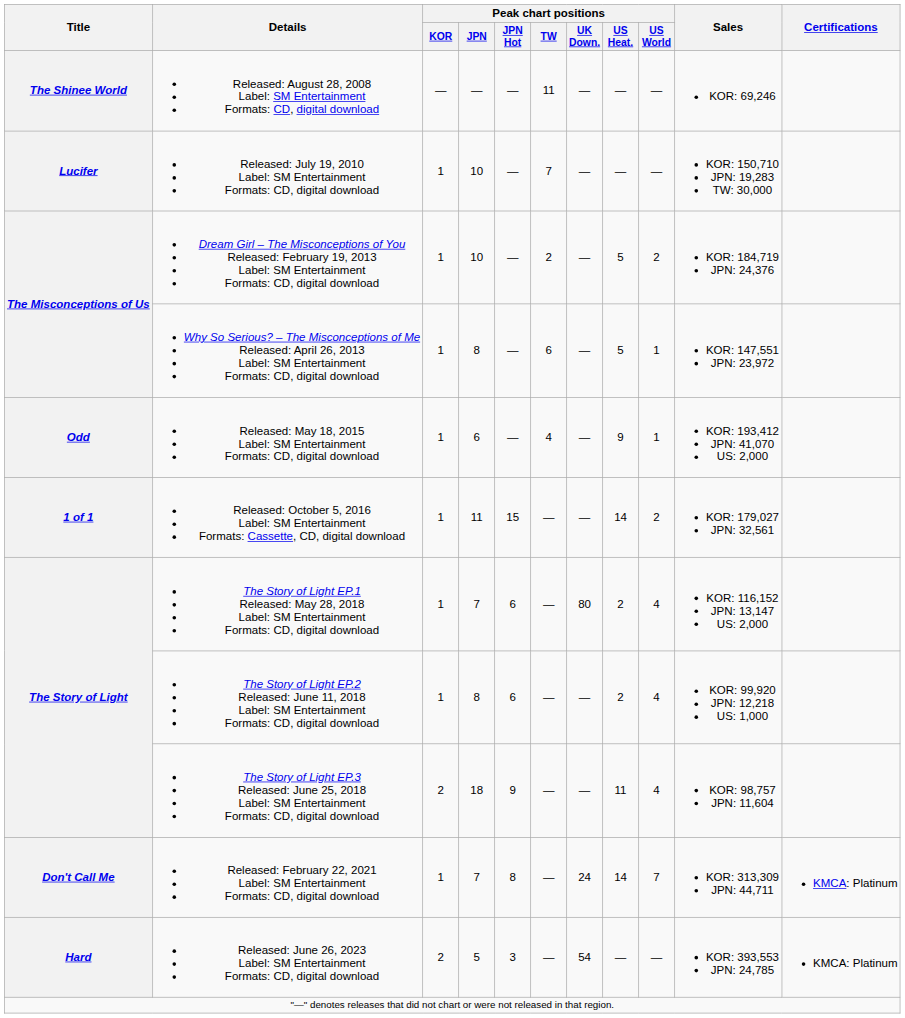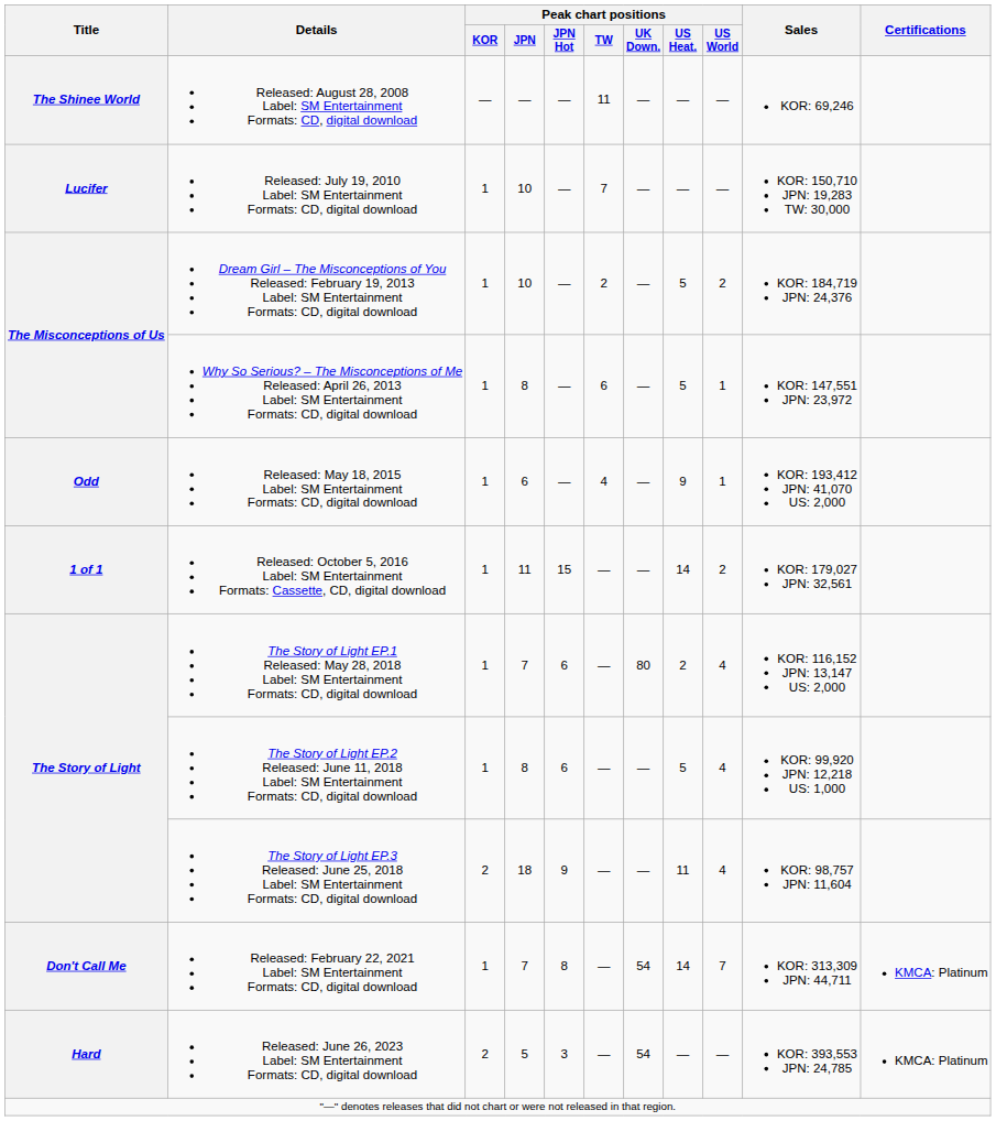 <table class="wikitable plainrowheaders" style="text-align:center;">
 <tr>
 <th scope="col" rowspan="2">Title</th>
 <th scope="col" rowspan="2">Details</th>
 <th scope="col" colspan="7">Peak chart positions</th>
 <th scope="col" rowspan="2">Sales</th>
 <th scope="col" rowspan="2"><a href='#'>Certifications</a></th>
 </tr>
 <tr>
 <th scope="col" style="width:3em;font-size:90%;"><a href='#'>KOR</a><br></th>
 <th scope="col" style="width:3em;font-size:90%;"><a href='#'>JPN</a><br></th>
 <th scope="col" style="width:3em;font-size:90%;"><a href='#'>JPN Hot</a><br></th>
 <th scope="col" style="width:3em;font-size:90%;"><a href='#'>TW</a><br></th>
 <th scope="col" style="width:3em;font-size:90%;"><a href='#'>UK Down.</a><br></th>
 <th scope="col" style="width:3em;font-size:90%;"><a href='#'>US<br>Heat.</a><br></th>
 <th scope="col" style="width:3em;font-size:90%;"><a href='#'>US<br>World</a><br></th>
 </tr>
 <tr>
 <th scope="row"><em><a href='#'>The Shinee World</a></em></th>
 <td><br><ul><li>Released: August 28, 2008</li><li>Label: <a href='#'>SM Entertainment</a></li><li>Formats: <a href='#'>CD</a>, <a href='#'>digital download</a></li></ul></td>
 <td>—</td>
 <td>—</td>
 <td>—</td>
 <td>11</td>
 <td>—</td>
 <td>—</td>
 <td>—</td>
 <td><br><ul><li>KOR: 69,246</li></ul></td>
 <td></td>
 </tr>
 <tr>
 <th scope="row"><em><a href='#'>Lucifer</a></em></th>
 <td><br><ul><li>Released: July 19, 2010</li><li>Label: SM Entertainment</li><li>Formats: CD, digital download</li></ul></td>
 <td>1</td>
 <td>10</td>
 <td>—</td>
 <td>7</td>
 <td>—</td>
 <td>—</td>
 <td>—</td>
 <td><br><ul><li>KOR: 150,710</li><li>JPN: 19,283</li><li>TW: 30,000</li></ul></td>
 <td></td>
 </tr>
 <tr>
 <th scope="row" rowspan="2"><em><a href='#'>The Misconceptions of Us</a></em></th>
 <td><br><ul><li><em><a href='#'>Dream Girl – The Misconceptions of You</a></em></li><li>Released: February 19, 2013</li><li>Label: SM Entertainment</li><li>Formats: CD, digital download</li></ul></td>
 <td>1</td>
 <td>10</td>
 <td>—</td>
 <td>2</td>
 <td>—</td>
 <td>5</td>
 <td>2</td>
 <td><br><ul><li>KOR: 184,719</li><li>JPN: 24,376</li></ul></td>
 <td></td>
 </tr>
 <tr>
 <td><br><ul><li><em><a href='#'>Why So Serious? – The Misconceptions of Me</a></em></li><li>Released: April 26, 2013</li><li>Label: SM Entertainment</li><li>Formats: CD, digital download</li></ul></td>
 <td>1</td>
 <td>8</td>
 <td>—</td>
 <td>6</td>
 <td>—</td>
 <td>5</td>
 <td>1</td>
 <td><br><ul><li>KOR: 147,551</li><li>JPN: 23,972</li></ul></td>
 <td></td>
 </tr>
 <tr>
 <th scope="row"><em><a href='#'>Odd</a></em></th>
 <td><br><ul><li>Released: May 18, 2015</li><li>Label: SM Entertainment</li><li>Formats: CD, digital download</li></ul></td>
 <td>1</td>
 <td>6</td>
 <td>—</td>
 <td>4</td>
 <td>—</td>
 <td>9</td>
 <td>1</td>
 <td><br><ul><li>KOR: 193,412</li><li>JPN: 41,070</li><li>US: 2,000</li></ul></td>
 <td></td>
 </tr>
 <tr>
 <th scope="row"><em><a href='#'>1 of 1</a></em></th>
 <td><br><ul><li>Released: October 5, 2016</li><li>Label: SM Entertainment</li><li>Formats: <a href='#'>Cassette</a>, CD, digital download</li></ul></td>
 <td>1</td>
 <td>11</td>
 <td>15</td>
 <td>—</td>
 <td>—</td>
 <td>14</td>
 <td>2</td>
 <td><br><ul><li>KOR: 179,027</li><li>JPN: 32,561</li></ul></td>
 <td></td>
 </tr>
 <tr>
 <th scope="row" rowspan="3"><em><a href='#'>The Story of Light</a></em></th>
 <td><br><ul><li><em><a href='#'>The Story of Light EP.1</a></em></li><li>Released: May 28, 2018</li><li>Label: SM Entertainment</li><li>Formats: CD, digital download</li></ul></td>
 <td>1</td>
 <td>7</td>
 <td>6</td>
 <td>—</td>
 <td>80</td>
 <td>2</td>
 <td>4</td>
 <td><br><ul><li>KOR: 116,152</li><li>JPN: 13,147</li><li>US: 2,000</li></ul></td>
 <td></td>
 </tr>
 <tr>
 <td><br><ul><li><em><a href='#'>The Story of Light EP.2</a></em></li><li>Released: June 11, 2018</li><li>Label: SM Entertainment</li><li>Formats: CD, digital download</li></ul></td>
 <td>1</td>
 <td>8</td>
 <td>6</td>
 <td>—</td>
 <td>—</td>
-<td>2</td>
+<td>5</td>
 <td>4</td>
 <td><br><ul><li>KOR: 99,920</li><li>JPN: 12,218</li><li>US: 1,000</li></ul></td>
 <td></td>
 </tr>
 <tr>
 <td><br><ul><li><em><a href='#'>The Story of Light EP.3</a></em></li><li>Released: June 25, 2018</li><li>Label: SM Entertainment</li><li>Formats: CD, digital download</li></ul></td>
 <td>2</td>
 <td>18</td>
 <td>9</td>
 <td>—</td>
 <td>—</td>
 <td>11</td>
 <td>4</td>
 <td><br><ul><li>KOR: 98,757</li><li>JPN: 11,604</li></ul></td>
 <td></td>
 </tr>
 <tr>
 <th scope="row"><em><a href='#'>Don't Call Me</a></em></th>
 <td><br><ul><li>Released: February 22, 2021</li><li>Label: SM Entertainment</li><li>Formats: CD, digital download</li></ul></td>
 <td>1</td>
 <td>7</td>
 <td>8</td>
 <td>—</td>
-<td>24</td>
+<td>54</td>
 <td>14</td>
 <td>7</td>
 <td><br><ul><li>KOR: 313,309</li><li>JPN: 44,711</li></ul></td>
 <td><br><ul><li><a href='#'>KMCA</a>: Platinum</li></ul></td>
 </tr>
 <tr>
 <th scope="row"><em><a href='#'>Hard</a></em></th>
 <td><br><ul><li>Released: June 26, 2023</li><li>Label: SM Entertainment</li><li>Formats: CD, digital download</li></ul></td>
 <td>2</td>
 <td>5</td>
 <td>3</td>
 <td>—</td>
 <td>54</td>
 <td>—</td>
 <td>—</td>
 <td><br><ul><li>KOR: 393,553</li><li>JPN: 24,785</li></ul></td>
 <td><br><ul><li>KMCA: Platinum</li></ul></td>
 </tr>
 <tr>
 <td colspan="11" style="font-size:85%">"—" denotes releases that did not chart or were not released in that region.</td>
 </tr>
 </table>
